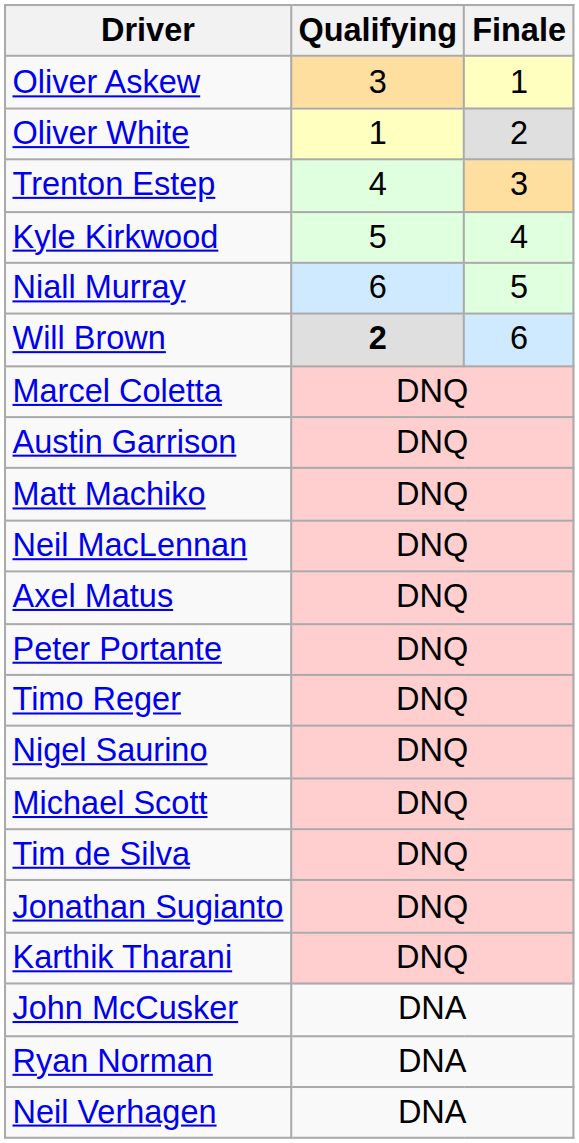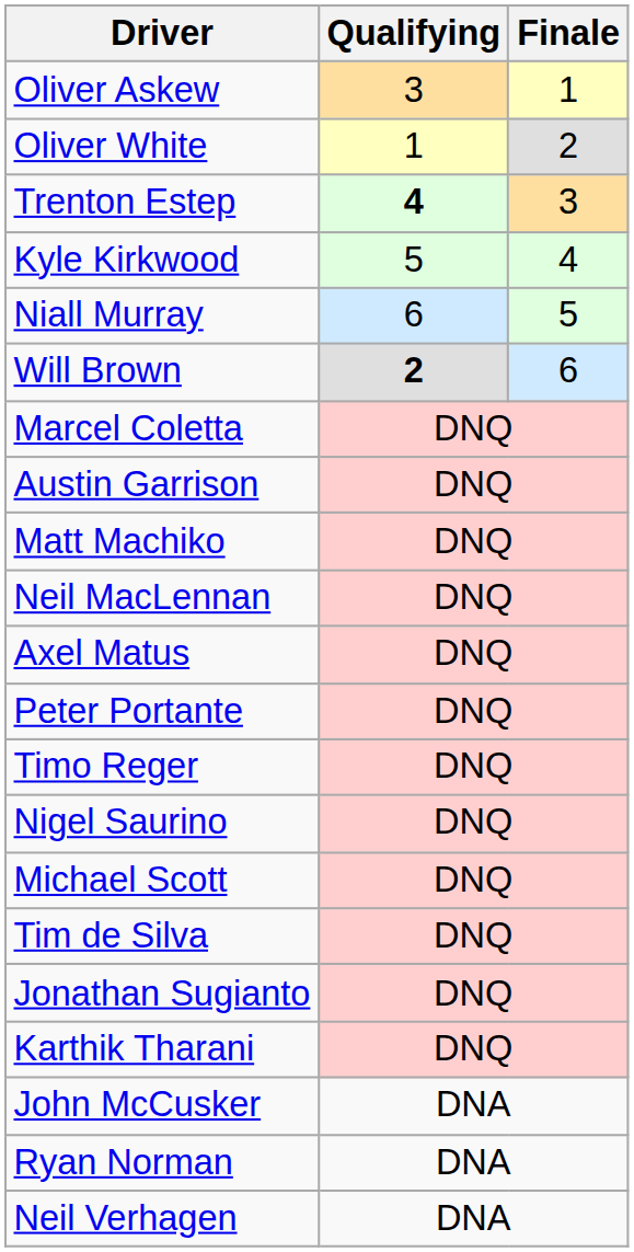 <table class="wikitable">
 <tr>
 <th>Driver</th>
 <th>Qualifying</th>
 <th>Finale</th>
 </tr>
 <tr>
 <td> <a href='#'>Oliver Askew</a></td>
 <td align=center style="background-color:#FFDF9F">3</td>
 <td align=center style="background-color:#FFFFBF">1</td>
 </tr>
 <tr>
 <td> <a href='#'>Oliver White</a></td>
 <td align=center style="background-color:#FFFFBF">1</td>
 <td align=center style="background-color:#DFDFDF">2</td>
 </tr>
 <tr>
 <td> <a href='#'>Trenton Estep</a></td>
-<td align=center style="background-color:#DFFFDF">4</td>
+<td align=center style="background-color:#DFFFDF"><strong>4</strong></td>
 <td align=center style="background-color:#FFDF9F">3</td>
 </tr>
 <tr>
 <td> <a href='#'>Kyle Kirkwood</a></td>
 <td align=center style="background-color:#DFFFDF">5</td>
 <td align=center style="background-color:#DFFFDF">4</td>
 </tr>
 <tr>
 <td> <a href='#'>Niall Murray</a></td>
 <td align=center style="background-color:#CFEAFF">6</td>
 <td align=center style="background-color:#DFFFDF">5</td>
 </tr>
 <tr>
 <td> <a href='#'>Will Brown</a></td>
 <td align=center style="background-color:#DFDFDF"><strong>2</strong></td>
 <td align=center style="background-color:#CFEAFF">6</td>
 </tr>
 <tr>
 <td> <a href='#'>Marcel Coletta</a></td>
 <td colspan=2 align=center style="background-color:#FFCFCF">DNQ</td>
 </tr>
 <tr>
 <td> <a href='#'>Austin Garrison</a></td>
 <td colspan=2 align=center style="background-color:#FFCFCF">DNQ</td>
 </tr>
 <tr>
 <td> <a href='#'>Matt Machiko</a></td>
 <td colspan=2 align=center style="background-color:#FFCFCF">DNQ</td>
 </tr>
 <tr>
 <td> <a href='#'>Neil MacLennan</a></td>
 <td colspan=2 align=center style="background-color:#FFCFCF">DNQ</td>
 </tr>
 <tr>
 <td> <a href='#'>Axel Matus</a></td>
 <td colspan=2 align=center style="background-color:#FFCFCF">DNQ</td>
 </tr>
 <tr>
 <td> <a href='#'>Peter Portante</a></td>
 <td colspan=2 align=center style="background-color:#FFCFCF">DNQ</td>
 </tr>
 <tr>
 <td> <a href='#'>Timo Reger</a></td>
 <td colspan=2 align=center style="background-color:#FFCFCF">DNQ</td>
 </tr>
 <tr>
 <td> <a href='#'>Nigel Saurino</a></td>
 <td colspan=2 align=center style="background-color:#FFCFCF">DNQ</td>
 </tr>
 <tr>
 <td> <a href='#'>Michael Scott</a></td>
 <td colspan=2 align=center style="background-color:#FFCFCF">DNQ</td>
 </tr>
 <tr>
 <td> <a href='#'>Tim de Silva</a></td>
 <td colspan=2 align=center style="background-color:#FFCFCF">DNQ</td>
 </tr>
 <tr>
 <td> <a href='#'>Jonathan Sugianto</a></td>
 <td colspan=2 align=center style="background-color:#FFCFCF">DNQ</td>
 </tr>
 <tr>
 <td> <a href='#'>Karthik Tharani</a></td>
 <td colspan=2 align=center style="background-color:#FFCFCF">DNQ</td>
 </tr>
 <tr>
 <td> <a href='#'>John McCusker</a></td>
 <td colspan=2 align=center>DNA</td>
 </tr>
 <tr>
 <td> <a href='#'>Ryan Norman</a></td>
 <td colspan=2 align=center>DNA</td>
 </tr>
 <tr>
 <td> <a href='#'>Neil Verhagen</a></td>
 <td colspan=2 align=center>DNA</td>
 </tr>
 </table>
